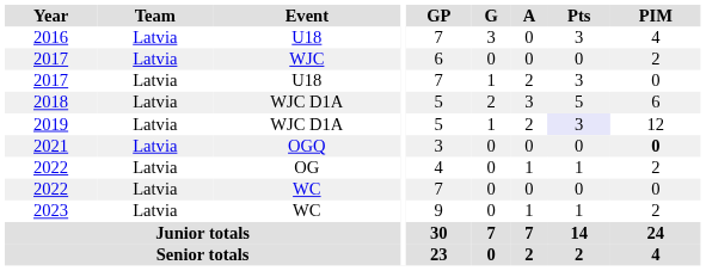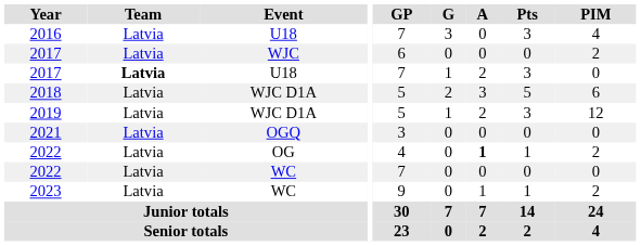 <table border="0" cellpadding="1" cellspacing="0" ID="Table3" style="text-align:center; width:40em">
 <tr ALIGN="center" bgcolor="#e0e0e0">
 <th>Year</th>
 <th>Team</th>
 <th>Event</th>
 <th rowspan="99" bgcolor="#ffffff"></th>
 <th>GP</th>
 <th>G</th>
 <th>A</th>
 <th>Pts</th>
 <th>PIM</th>
 </tr>
 <tr>
 <td><a href='#'>2016</a></td>
 <td><a href='#'>Latvia</a></td>
 <td><a href='#'>U18</a></td>
 <td>7</td>
 <td>3</td>
 <td>0</td>
 <td>3</td>
 <td>4</td>
 </tr>
 <tr bgcolor="#f0f0f0">
 <td><a href='#'>2017</a></td>
 <td><a href='#'>Latvia</a></td>
 <td><a href='#'>WJC</a></td>
 <td>6</td>
 <td>0</td>
 <td>0</td>
 <td>0</td>
 <td>2</td>
 </tr>
 <tr>
 <td><a href='#'>2017</a></td>
-<td>Latvia</td>
+<td><strong>Latvia</strong></td>
 <td>U18</td>
 <td>7</td>
 <td>1</td>
 <td>2</td>
 <td>3</td>
 <td>0</td>
 </tr>
 <tr bgcolor="#f0f0f0">
 <td><a href='#'>2018</a></td>
 <td>Latvia</td>
 <td>WJC D1A</td>
 <td>5</td>
 <td>2</td>
 <td>3</td>
 <td>5</td>
 <td>6</td>
 </tr>
 <tr>
 <td><a href='#'>2019</a></td>
 <td>Latvia</td>
 <td>WJC D1A</td>
 <td>5</td>
 <td>1</td>
 <td>2</td>
-<td style="background: lavender;">3</td>
+<td>3</td>
 <td>12</td>
 </tr>
 <tr bgcolor="#f0f0f0">
 <td><a href='#'>2021</a></td>
 <td><a href='#'>Latvia</a></td>
 <td><a href='#'>OGQ</a></td>
 <td>3</td>
 <td>0</td>
 <td>0</td>
 <td>0</td>
-<td><strong>0</strong></td>
+<td>0</td>
 </tr>
 <tr>
 <td><a href='#'>2022</a></td>
 <td>Latvia</td>
 <td>OG</td>
 <td>4</td>
 <td>0</td>
-<td>1</td>
+<td><strong>1</strong></td>
 <td>1</td>
 <td>2</td>
 </tr>
 <tr bgcolor="#f0f0f0">
 <td><a href='#'>2022</a></td>
 <td>Latvia</td>
 <td><a href='#'>WC</a></td>
 <td>7</td>
 <td>0</td>
 <td>0</td>
 <td>0</td>
 <td>0</td>
 </tr>
 <tr>
 <td><a href='#'>2023</a></td>
 <td>Latvia</td>
 <td>WC</td>
 <td>9</td>
 <td>0</td>
 <td>1</td>
 <td>1</td>
 <td>2</td>
 </tr>
 <tr bgcolor="#e0e0e0">
 <th colspan="3">Junior totals</th>
 <th>30</th>
 <th>7</th>
 <th>7</th>
 <th>14</th>
 <th>24</th>
 </tr>
 <tr bgcolor="#e0e0e0">
 <th colspan="3">Senior totals</th>
 <th>23</th>
 <th>0</th>
 <th>2</th>
 <th>2</th>
 <th>4</th>
 </tr>
 </table>
